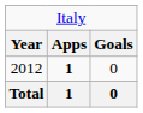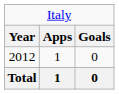 <table class="wikitable" style="text-align:center">
 <tr>
 <td colspan=3><a href='#'>Italy</a></td>
 </tr>
 <tr>
 <th>Year</th>
 <th>Apps</th>
 <th>Goals</th>
 </tr>
 <tr>
 <td>2012</td>
-<td><strong>1</strong></td>
+<td>1</td>
 <td>0</td>
 </tr>
 <tr>
 <th>Total</th>
 <th>1</th>
 <th>0</th>
 </tr>
 </table>
